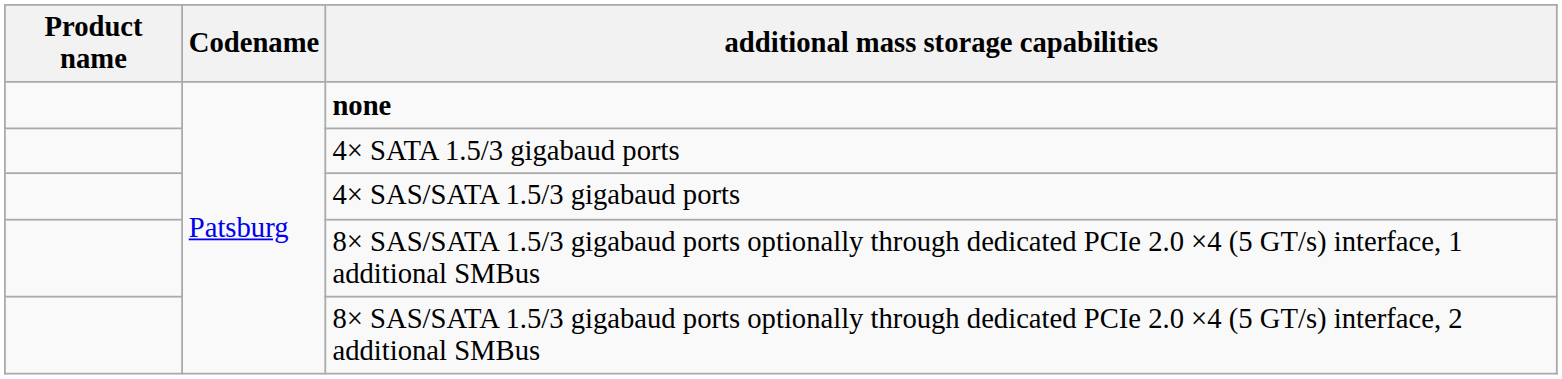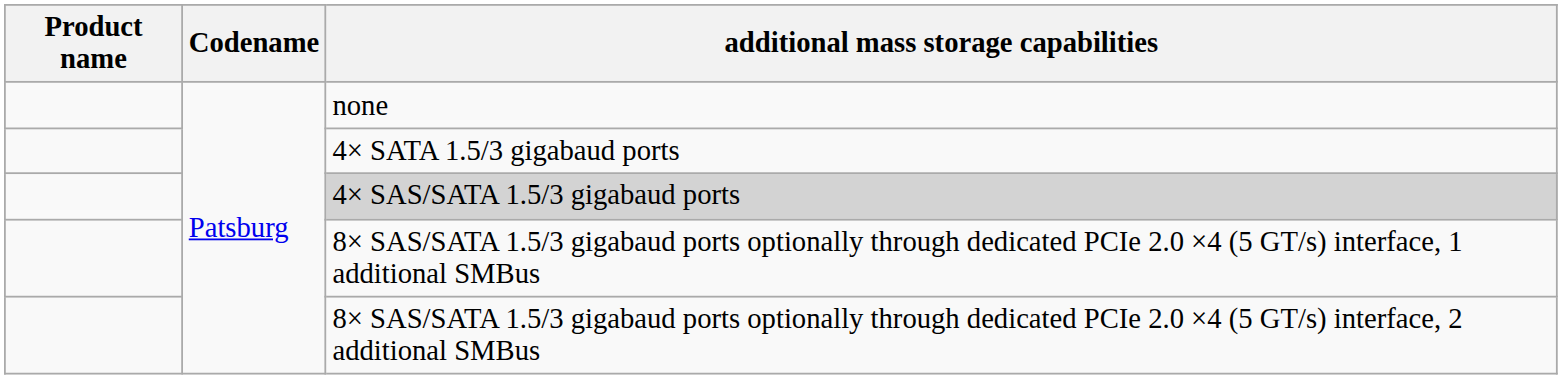 <table class="wikitable">
 <tr>
 <th>Product name</th>
 <th>Codename</th>
 <th>additional mass storage capabilities</th>
 </tr>
 <tr>
 <td></td>
 <td rowspan=5><a href='#'>Patsburg</a></td>
-<td><strong>none</strong></td>
+<td>none</td>
 </tr>
 <tr>
 <td></td>
 <td>4× SATA 1.5/3 gigabaud ports</td>
 </tr>
 <tr>
 <td></td>
-<td>4× SAS/SATA 1.5/3 gigabaud ports</td>
+<td style="background: lightgrey;">4× SAS/SATA 1.5/3 gigabaud ports</td>
 </tr>
 <tr>
 <td></td>
 <td>8× SAS/SATA 1.5/3 gigabaud ports optionally through dedicated PCIe 2.0 ×4 (5 GT/s) interface, 1 additional SMBus</td>
 </tr>
 <tr>
 <td></td>
 <td>8× SAS/SATA 1.5/3 gigabaud ports optionally through dedicated PCIe 2.0 ×4 (5 GT/s) interface, 2 additional SMBus</td>
 </tr>
 </table>
